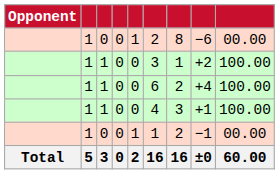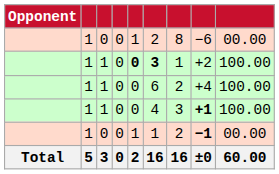 <table class="wikitable sortable" style="text-align:center;">
 <tr style="color:white">
 <th style="background: #C8102E; color:#FFFFFF;">Opponent</th>
 <th style="background: #C8102E; color:#FFFFFF;"></th>
 <th style="background: #C8102E; color:#FFFFFF;"></th>
 <th style="background: #C8102E; color:#FFFFFF;"></th>
 <th style="background: #C8102E; color:#FFFFFF;"></th>
 <th style="background: #C8102E; color:#FFFFFF;"></th>
 <th style="background: #C8102E; color:#FFFFFF;"></th>
 <th style="background: #C8102E; color:#FFFFFF;"></th>
 <th style="background: #C8102E; color:#FFFFFF;"></th>
 </tr>
 <tr bgcolor=FFDACC>
 <td style="text-align:left;"></td>
 <td>1</td>
 <td>0</td>
 <td>0</td>
 <td>1</td>
 <td>2</td>
 <td>8</td>
 <td>−6</td>
 <td>00.00</td>
 </tr>
 <tr bgcolor=CCFFCC>
 <td style="text-align:left;"></td>
 <td>1</td>
 <td>1</td>
 <td>0</td>
-<td>0</td>
-<td>3</td>
+<td><strong>0</strong></td>
+<td><strong>3</strong></td>
 <td>1</td>
 <td>+2</td>
 <td>100.00</td>
 </tr>
 <tr bgcolor=CCFFCC>
 <td style="text-align:left;"></td>
 <td>1</td>
 <td>1</td>
 <td>0</td>
 <td>0</td>
 <td>6</td>
 <td>2</td>
 <td>+4</td>
 <td>100.00</td>
 </tr>
 <tr bgcolor=CCFFCC>
 <td style="text-align:left;"></td>
 <td>1</td>
 <td>1</td>
 <td>0</td>
 <td>0</td>
 <td>4</td>
 <td>3</td>
-<td>+1</td>
+<td><strong>+1</strong></td>
 <td>100.00</td>
 </tr>
 <tr bgcolor=FFDACC>
 <td style="text-align:left;"></td>
 <td>1</td>
 <td>0</td>
 <td>0</td>
 <td>1</td>
 <td>1</td>
 <td>2</td>
-<td>−1</td>
+<td><strong>−1</strong></td>
 <td>00.00</td>
 </tr>
 <tr>
 <th>Total</th>
 <th>5</th>
 <th>3</th>
 <th>0</th>
 <th>2</th>
 <th>16</th>
 <th>16</th>
 <th>±0</th>
 <th>60.00</th>
 </tr>
 </table>
